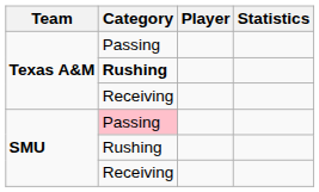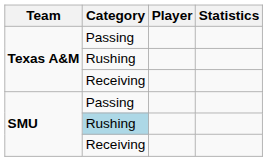 <table class="wikitable" style="float: right;">
 <tr>
 <th>Team</th>
 <th>Category</th>
 <th>Player</th>
 <th>Statistics</th>
 </tr>
 <tr>
 <td rowspan=3><strong>Texas A&M</strong></td>
 <td>Passing</td>
 <td></td>
 <td></td>
 </tr>
 <tr>
-<td><strong>Rushing</strong></td>
+<td>Rushing</td>
 <td></td>
 <td></td>
 </tr>
 <tr>
 <td>Receiving</td>
 <td></td>
 <td></td>
 </tr>
 <tr>
 <td rowspan=3><strong>SMU</strong></td>
-<td style="background: pink;">Passing</td>
+<td>Passing</td>
 <td></td>
 <td></td>
 </tr>
 <tr>
-<td>Rushing</td>
+<td style="background: lightblue;">Rushing</td>
 <td></td>
 <td></td>
 </tr>
 <tr>
 <td>Receiving</td>
 <td></td>
 <td></td>
 </tr>
 </table>
